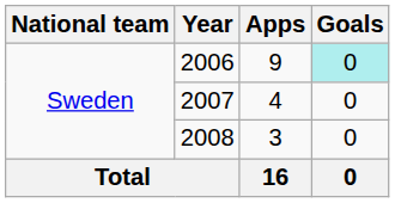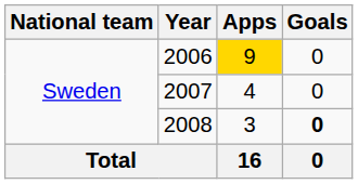 <table class="wikitable" style="text-align:center">
 <tr>
 <th>National team</th>
 <th>Year</th>
 <th>Apps</th>
 <th>Goals</th>
 </tr>
 <tr>
 <td rowspan="3"><a href='#'>Sweden</a></td>
 <td>2006</td>
-<td>9</td>
-<td style="background: paleturquoise;">0</td>
+<td style="background: gold;">9</td>
+<td>0</td>
 </tr>
 <tr>
 <td>2007</td>
 <td>4</td>
 <td>0</td>
 </tr>
 <tr>
 <td>2008</td>
 <td>3</td>
-<td>0</td>
+<td><strong>0</strong></td>
 </tr>
 <tr>
 <th colspan="2">Total</th>
 <th>16</th>
 <th>0</th>
 </tr>
 </table>
